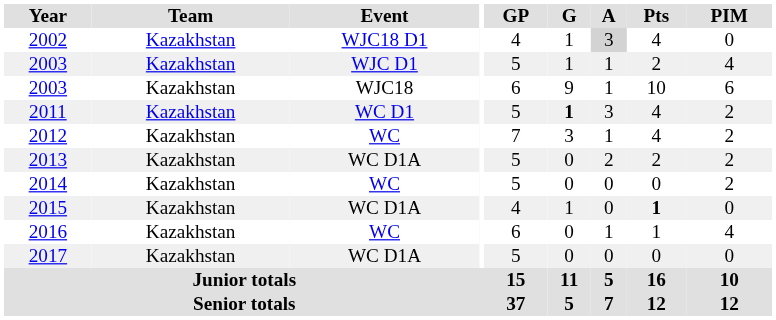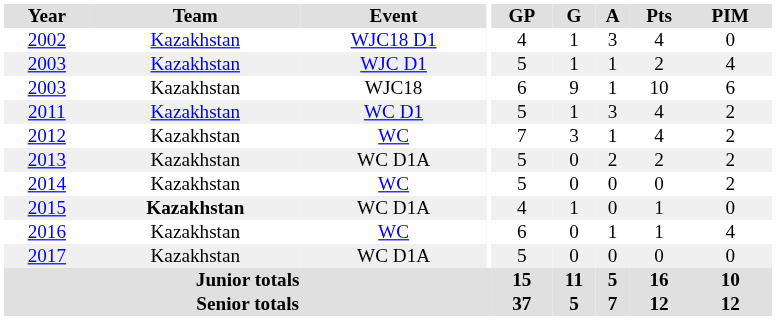 <table border="0" cellpadding="1" cellspacing="0" ID="Table3" style="text-align:center; width:40em">
 <tr bgcolor="#e0e0e0">
 <th>Year</th>
 <th>Team</th>
 <th>Event</th>
 <th rowspan="102" bgcolor="#ffffff"></th>
 <th>GP</th>
 <th>G</th>
 <th>A</th>
 <th>Pts</th>
 <th>PIM</th>
 </tr>
 <tr>
 <td><a href='#'>2002</a></td>
 <td><a href='#'>Kazakhstan</a></td>
 <td><a href='#'>WJC18 D1</a></td>
 <td>4</td>
 <td>1</td>
-<td style="background: lightgrey;">3</td>
+<td>3</td>
 <td>4</td>
 <td>0</td>
 </tr>
 <tr bgcolor="#f0f0f0">
 <td><a href='#'>2003</a></td>
 <td><a href='#'>Kazakhstan</a></td>
 <td><a href='#'>WJC D1</a></td>
 <td>5</td>
 <td>1</td>
 <td>1</td>
 <td>2</td>
 <td>4</td>
 </tr>
 <tr>
 <td><a href='#'>2003</a></td>
 <td>Kazakhstan</td>
 <td>WJC18</td>
 <td>6</td>
 <td>9</td>
 <td>1</td>
 <td>10</td>
 <td>6</td>
 </tr>
 <tr bgcolor="#f0f0f0">
 <td><a href='#'>2011</a></td>
 <td><a href='#'>Kazakhstan</a></td>
 <td><a href='#'>WC D1</a></td>
 <td>5</td>
-<td><strong>1</strong></td>
+<td>1</td>
 <td>3</td>
 <td>4</td>
 <td>2</td>
 </tr>
 <tr>
 <td><a href='#'>2012</a></td>
 <td>Kazakhstan</td>
 <td><a href='#'>WC</a></td>
 <td>7</td>
 <td>3</td>
 <td>1</td>
 <td>4</td>
 <td>2</td>
 </tr>
 <tr bgcolor="#f0f0f0">
 <td><a href='#'>2013</a></td>
 <td>Kazakhstan</td>
 <td>WC D1A</td>
 <td>5</td>
 <td>0</td>
 <td>2</td>
 <td>2</td>
 <td>2</td>
 </tr>
 <tr>
 <td><a href='#'>2014</a></td>
 <td>Kazakhstan</td>
 <td><a href='#'>WC</a></td>
 <td>5</td>
 <td>0</td>
 <td>0</td>
 <td>0</td>
 <td>2</td>
 </tr>
 <tr bgcolor="#f0f0f0">
 <td><a href='#'>2015</a></td>
-<td>Kazakhstan</td>
+<td><strong>Kazakhstan</strong></td>
 <td>WC D1A</td>
 <td>4</td>
 <td>1</td>
 <td>0</td>
-<td><strong>1</strong></td>
+<td>1</td>
 <td>0</td>
 </tr>
 <tr>
 <td><a href='#'>2016</a></td>
 <td>Kazakhstan</td>
 <td><a href='#'>WC</a></td>
 <td>6</td>
 <td>0</td>
 <td>1</td>
 <td>1</td>
 <td>4</td>
 </tr>
 <tr bgcolor="#f0f0f0">
 <td><a href='#'>2017</a></td>
 <td>Kazakhstan</td>
 <td>WC D1A</td>
 <td>5</td>
 <td>0</td>
 <td>0</td>
 <td>0</td>
 <td>0</td>
 </tr>
 <tr bgcolor="#e0e0e0">
 <th colspan="4">Junior totals</th>
 <th>15</th>
 <th>11</th>
 <th>5</th>
 <th>16</th>
 <th>10</th>
 </tr>
 <tr bgcolor="#e0e0e0">
 <th colspan="4">Senior totals</th>
 <th>37</th>
 <th>5</th>
 <th>7</th>
 <th>12</th>
 <th>12</th>
 </tr>
 </table>
